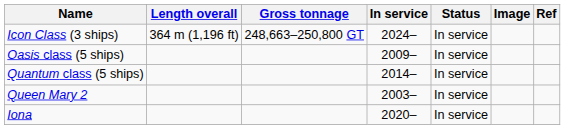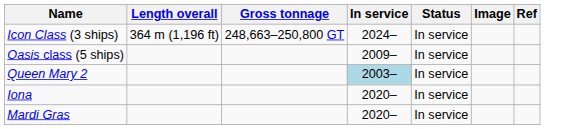 <table class="sortable wikitable">
 <tr>
 <th align="left">Name</th>
 <th><a href='#'>Length overall</a></th>
 <th><a href='#'>Gross tonnage</a></th>
 <th style="white-space:nowrap">In service</th>
 <th>Status</th>
 <th class="unsortable">Image</th>
 <th class="unsortable">Ref</th>
 </tr>
 <tr>
 <td><a href='#'><em>Icon Class</em></a> (3 ships)</td>
 <td style="white-space:nowrap" align="center">364 m (1,196 ft)</td>
 <td style="white-space:nowrap" align="center">248,663–250,800 <a href='#'>GT</a></td>
 <td style="white-space:nowrap" align="center">2024–</td>
 <td style="white-space" align="center">In service</td>
 <td><br></td>
 <td></td>
 </tr>
 <tr>
 <td><a href='#'><em>Oasis</em> class</a> (5 ships)</td>
 <td style="white-space:nowrap" align="center"></td>
 <td style="white-space:nowrap" align="center"></td>
 <td style="white-space:nowrap" align="center">2009–</td>
 <td style="white-space" align="center">In service</td>
 <td></td>
 <td align="center"><br>   </td>
 </tr>
 <tr>
-<td><a href='#'><em>Quantum</em> class</a> (5 ships)</td>
-<td style="white-space:nowrap" align="center"></td>
-<td style="white-space:nowrap" align="center"></td>
-<td style="white-space:nowrap" align="center">2014–</td>
-<td style="white-space" align="center">In service</td>
-<td></td>
-<td align="center"><br>   </td>
-</tr>
-<tr>
 <td style="white-space:nowrap"><em><a href='#'>Queen Mary 2</a></em></td>
 <td style="white-space:nowrap" align="center"></td>
 <td style="white-space:nowrap" align="center"></td>
-<td style="white-space:nowrap" align="center">2003–</td>
+<td style="background: lightblue; white-space:nowrap" align="center">2003–</td>
 <td style="white-space:nowrap" align="center">In service</td>
 <td></td>
 <td align="center"></td>
 </tr>
 <tr>
 <td><em><a href='#'>Iona</a></em></td>
 <td style="white-space:nowrap" align="center"></td>
 <td style="white-space:nowrap" align="center"></td>
 <td style="white-space:nowrap" align="center">2020–</td>
 <td style="white-space" align="center">In service</td>
 <td></td>
 <td></td>
 </tr>
+<tr>
+<td><em><a href='#'>Mardi Gras</a></em></td>
+<td style="white-space:nowrap" align="center"></td>
+<td style="white-space:nowrap" align="center"></td>
+<td style="white-space:nowrap" align="center">2020–</td>
+<td style="white-space" align="center">In service</td>
+<td></td>
+<td></td>
+</tr>
 </table>
